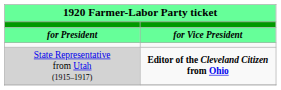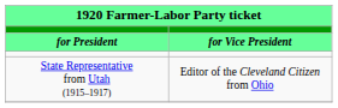 <table class="wikitable" style="font-size:90%; text-align:center;">
 <tr>
 <td style="background:#66FF99;" colspan="30"><big><strong>1920 Farmer-Labor Party ticket</strong></big></td>
 </tr>
 <tr>
 <th style="width:3em; font-size:135%; background:#009900; width:200px;"><a href='#'></a></th>
 <th style="width:3em; font-size:135%; background:#009900; width:200px;"><a href='#'></a></th>
 </tr>
 <tr style="color:#000; font-size:100%; background:#66FF99;">
 <td style="width:3em; width:200px;"><strong><em>for President</em></strong></td>
 <td style="width:3em; width:200px;"><strong><em>for Vice President</em></strong></td>
 </tr>
 <tr>
 <td></td>
 <td></td>
 </tr>
 <tr>
-<td style="background: lightgrey;"><a href='#'>State Representative</a><br>from <a href='#'>Utah</a><br><small>(1915–1917)</small></td>
-<td><strong>Editor of the <em>Cleveland Citizen</em><br>from <a href='#'>Ohio</a></strong></td>
+<td><a href='#'>State Representative</a><br>from <a href='#'>Utah</a><br><small>(1915–1917)</small></td>
+<td>Editor of the <em>Cleveland Citizen</em><br>from <a href='#'>Ohio</a></td>
 </tr>
 <tr>
 </tr>
 <tr>
 </tr>
 </table>
